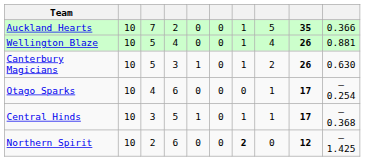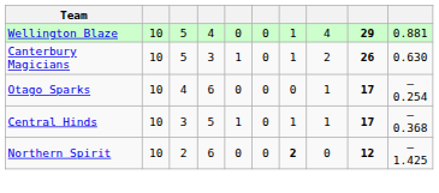 <table class="wikitable" style="text-align:center">
 <tr>
 <th width="150">Team</th>
 <th width="25"></th>
 <th width="25"></th>
 <th width="25"></th>
 <th width="25"></th>
 <th width="25"></th>
 <th width="25"></th>
 <th width="40"></th>
 <th width="40"></th>
 <th width="45"></th>
 </tr>
 <tr style="background:#cfc">
-<td style="text-align:left"><a href='#'>Auckland Hearts</a></td>
-<td>10</td>
-<td>7</td>
-<td>2</td>
-<td>0</td>
-<td>0</td>
-<td>1</td>
-<td>5</td>
-<td><strong>35</strong></td>
-<td>0.366</td>
-</tr>
-<tr style="background:#cfc">
 <td style="text-align:left"><a href='#'>Wellington Blaze</a></td>
 <td>10</td>
 <td>5</td>
 <td>4</td>
 <td>0</td>
 <td>0</td>
 <td>1</td>
 <td>4</td>
-<td><strong>26</strong></td>
+<td><strong>29</strong></td>
 <td>0.881</td>
 </tr>
 <tr>
 <td style="text-align:left"><a href='#'>Canterbury Magicians</a></td>
 <td>10</td>
 <td>5</td>
 <td>3</td>
 <td>1</td>
 <td>0</td>
 <td>1</td>
 <td>2</td>
 <td><strong>26</strong></td>
 <td>0.630</td>
 </tr>
 <tr>
 <td style="text-align:left"><a href='#'>Otago Sparks</a></td>
 <td>10</td>
 <td>4</td>
 <td>6</td>
 <td>0</td>
 <td>0</td>
 <td>0</td>
 <td>1</td>
 <td><strong>17</strong></td>
 <td>–0.254</td>
 </tr>
 <tr>
 <td style="text-align:left"><a href='#'>Central Hinds</a></td>
 <td>10</td>
 <td>3</td>
 <td>5</td>
 <td>1</td>
 <td>0</td>
 <td>1</td>
 <td>1</td>
 <td><strong>17</strong></td>
 <td>–0.368</td>
 </tr>
 <tr>
 <td style="text-align:left"><a href='#'>Northern Spirit</a></td>
 <td>10</td>
 <td>2</td>
 <td>6</td>
 <td>0</td>
 <td>0</td>
 <td><strong>2</strong></td>
 <td>0</td>
 <td><strong>12</strong></td>
 <td>–1.425</td>
 </tr>
 </table>
